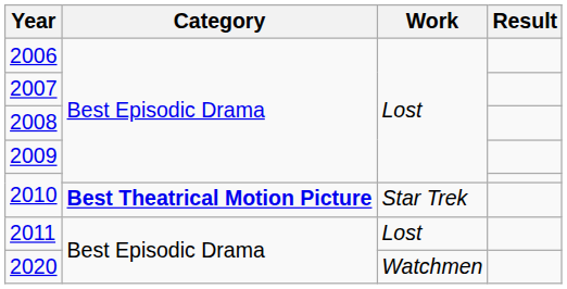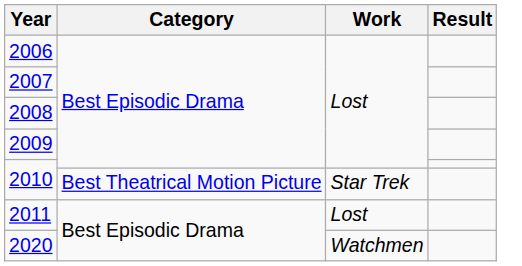 <table class="wikitable">
 <tr>
 <th>Year</th>
 <th>Category</th>
 <th>Work</th>
 <th>Result</th>
 </tr>
 <tr>
 <td><a href='#'>2006</a></td>
 <td rowspan="5"><a href='#'>Best Episodic Drama</a></td>
 <td rowspan="5"><em>Lost</em></td>
 <td></td>
 </tr>
 <tr>
 <td><a href='#'>2007</a></td>
 <td></td>
 </tr>
 <tr>
 <td><a href='#'>2008</a></td>
 <td></td>
 </tr>
 <tr>
 <td><a href='#'>2009</a></td>
 <td></td>
 </tr>
 <tr>
 <td rowspan="2"><a href='#'>2010</a></td>
 <td></td>
 </tr>
 <tr>
-<td><strong><a href='#'>Best Theatrical Motion Picture</a></strong></td>
+<td><a href='#'>Best Theatrical Motion Picture</a></td>
 <td><em>Star Trek</em></td>
 <td></td>
 </tr>
 <tr>
 <td><a href='#'>2011</a></td>
 <td rowspan="2">Best Episodic Drama</td>
 <td><em>Lost</em></td>
 <td></td>
 </tr>
 <tr>
 <td><a href='#'>2020</a></td>
 <td><em>Watchmen</em></td>
 <td></td>
 </tr>
 </table>
